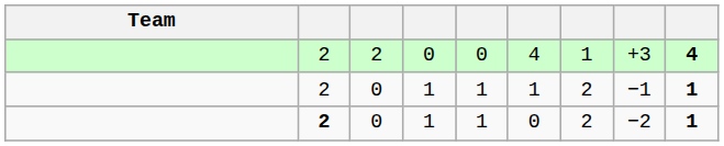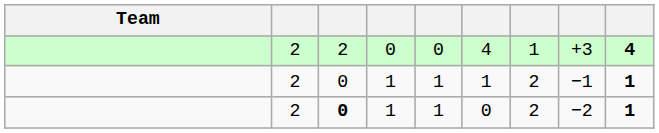 <table class="wikitable" style="text-align: center; font-size: 90%;">
 <tr>
 <th width=165>Team</th>
 <th width=25></th>
 <th width=25></th>
 <th width=25></th>
 <th width=25></th>
 <th width=25></th>
 <th width=25></th>
 <th width=25></th>
 <th width=25></th>
 </tr>
 <tr bgcolor=#ccffcc>
 <td align=left></td>
 <td>2</td>
 <td>2</td>
 <td>0</td>
 <td>0</td>
 <td>4</td>
 <td>1</td>
 <td>+3</td>
 <td><strong>4</strong></td>
 </tr>
 <tr>
 <td align=left></td>
 <td>2</td>
 <td>0</td>
 <td>1</td>
 <td>1</td>
 <td>1</td>
 <td>2</td>
 <td>−1</td>
 <td><strong>1</strong></td>
 </tr>
 <tr>
 <td align=left></td>
-<td><strong>2</strong></td>
-<td>0</td>
+<td>2</td>
+<td><strong>0</strong></td>
 <td>1</td>
 <td>1</td>
 <td>0</td>
 <td>2</td>
 <td>−2</td>
 <td><strong>1</strong></td>
 </tr>
 </table>
